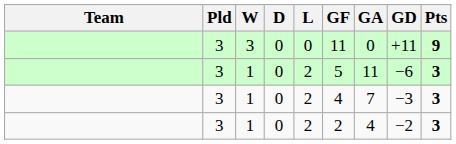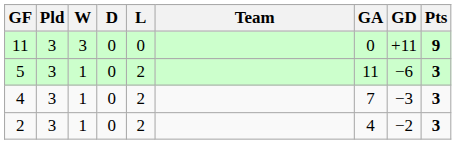 <table class="wikitable" style="text-align:center;">
 <tr>
-<th width=180>Team</th>
+<th width=20>GF</th>
 <th width=20>Pld</th>
 <th width=20>W</th>
 <th width=20>D</th>
 <th width=20>L</th>
-<th width=20>GF</th>
+<th width=180>Team</th>
 <th width=20>GA</th>
 <th width=20>GD</th>
 <th width=20>Pts</th>
 </tr>
 <tr bgcolor=ccffcc>
-<td align="left"></td>
+<td>11</td>
 <td>3</td>
 <td>3</td>
 <td>0</td>
 <td>0</td>
-<td>11</td>
+<td align="left"></td>
 <td>0</td>
 <td>+11</td>
 <td><strong>9</strong></td>
 </tr>
 <tr bgcolor=ccffcc>
-<td align="left"><em></em></td>
+<td>5</td>
 <td>3</td>
 <td>1</td>
 <td>0</td>
 <td>2</td>
-<td>5</td>
+<td align="left"><em></em></td>
 <td>11</td>
 <td>−6</td>
 <td><strong>3</strong></td>
 </tr>
 <tr>
-<td align="left"></td>
+<td>4</td>
 <td>3</td>
 <td>1</td>
 <td>0</td>
 <td>2</td>
-<td>4</td>
+<td align="left"></td>
 <td>7</td>
 <td>−3</td>
 <td><strong>3</strong></td>
 </tr>
 <tr>
-<td align="left"></td>
+<td>2</td>
 <td>3</td>
 <td>1</td>
 <td>0</td>
 <td>2</td>
-<td>2</td>
+<td align="left"></td>
 <td>4</td>
 <td>−2</td>
 <td><strong>3</strong></td>
 </tr>
 </table>
